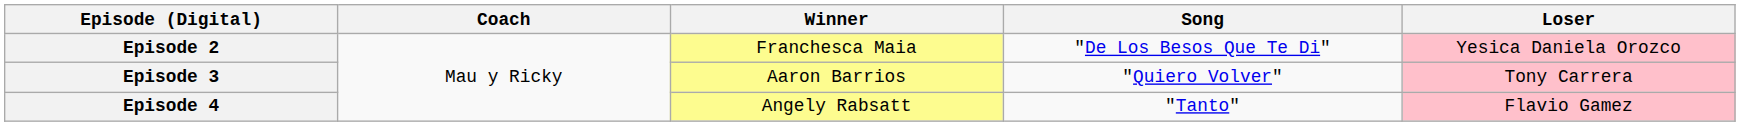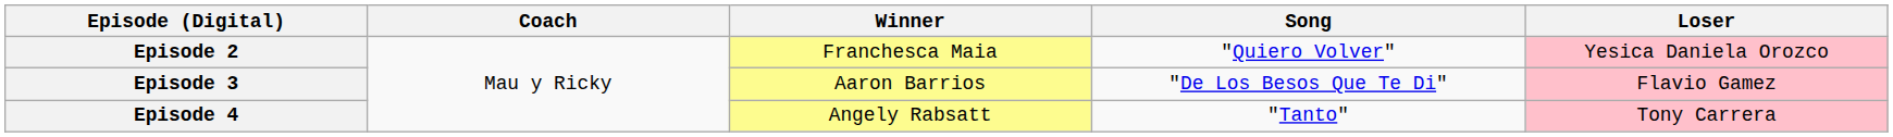 <table class="wikitable" style="text-align: center; width:100%;">
 <tr>
 <th rowspan="1" style="width:15%;">Episode (Digital)</th>
 <th rowspan="1" style="width:15%;">Coach</th>
 <th style="width:15%;">Winner</th>
 <th rowspan="1" style="width:18%;">Song</th>
 <th style="width:15%;">Loser</th>
 </tr>
 <tr>
 <th>Episode 2<br><small></small></th>
 <td rowspan="3">Mau y Ricky</td>
 <td style="background:#fdfc8f;">Franchesca Maia</td>
-<td>"<a href='#'>De Los Besos Que Te Di</a>"</td>
+<td>"<a href='#'>Quiero Volver</a>"</td>
 <td style="background:pink;">Yesica Daniela Orozco</td>
 </tr>
 <tr>
 <th>Episode 3<br><small></small></th>
 <td style="background:#fdfc8f;">Aaron Barrios</td>
-<td>"<a href='#'>Quiero Volver</a>"</td>
-<td style="background:pink;">Tony Carrera</td>
+<td>"<a href='#'>De Los Besos Que Te Di</a>"</td>
+<td style="background:pink;">Flavio Gamez</td>
 </tr>
 <tr>
 <th>Episode 4<br><small></small></th>
 <td style="background:#fdfc8f;">Angely Rabsatt</td>
 <td>"<a href='#'>Tanto</a>"</td>
-<td style="background:pink;">Flavio Gamez</td>
+<td style="background:pink;">Tony Carrera</td>
 </tr>
 </table>
